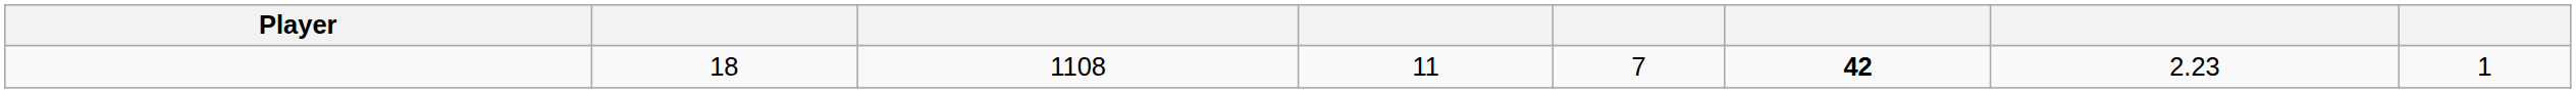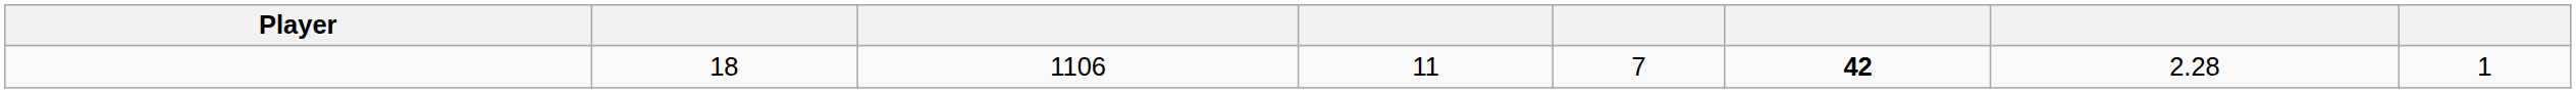 <table class="wikitable sortable" style="width:100%;">
 <tr style="text-align:center; background:#ddd;">
 <th>Player</th>
 <th></th>
 <th></th>
 <th></th>
 <th></th>
 <th></th>
 <th></th>
 <th></th>
 </tr>
 <tr align=center>
 <td></td>
 <td>18</td>
-<td>1108</td>
+<td>1106</td>
 <td>11</td>
 <td>7</td>
 <td><strong>42</strong></td>
-<td>2.23</td>
+<td>2.28</td>
 <td>1</td>
 </tr>
 </table>
